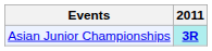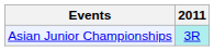 <table style='font-size: 90%; text-align:center;' class='wikitable'>
 <tr>
 <th>Events</th>
 <th>2011</th>
 </tr>
 <tr>
 <td bgcolor="#ECF2FF"; align="left"><a href='#'>Asian Junior Championships</a></td>
-<td bgcolor=AFEEEE><strong><a href='#'>3R</a></strong></td>
+<td bgcolor=AFEEEE><a href='#'>3R</a></td>
 </tr>
 </table>
